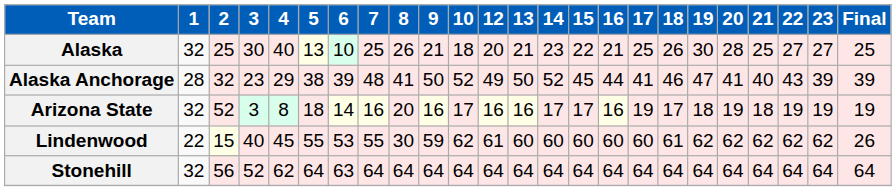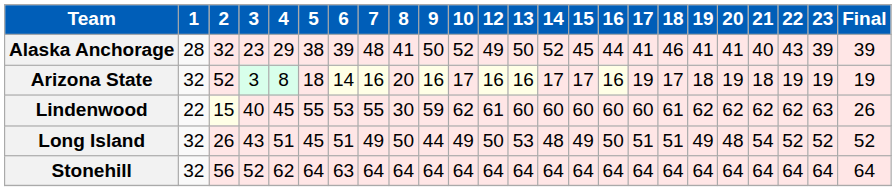 <table class="wikitable sortable" style="text-align: center;">
 <tr>
 <th style="color:white; background:#005EB8">Team</th>
 <th style="color:white; background:#005EB8">1</th>
 <th style="color:white; background:#005EB8">2</th>
 <th style="color:white; background:#005EB8">3</th>
 <th style="color:white; background:#005EB8">4</th>
 <th style="color:white; background:#005EB8">5</th>
 <th style="color:white; background:#005EB8">6</th>
 <th style="color:white; background:#005EB8">7</th>
 <th style="color:white; background:#005EB8">8</th>
 <th style="color:white; background:#005EB8">9</th>
 <th style="color:white; background:#005EB8">10</th>
 <th style="color:white; background:#005EB8">12</th>
 <th style="color:white; background:#005EB8">13</th>
 <th style="color:white; background:#005EB8">14</th>
 <th style="color:white; background:#005EB8">15</th>
 <th style="color:white; background:#005EB8">16</th>
 <th style="color:white; background:#005EB8">17</th>
 <th style="color:white; background:#005EB8">18</th>
 <th style="color:white; background:#005EB8">19</th>
 <th style="color:white; background:#005EB8">20</th>
 <th style="color:white; background:#005EB8">21</th>
 <th style="color:white; background:#005EB8">22</th>
 <th style="color:white; background:#005EB8">23</th>
 <th style="color:white; background:#005EB8">Final</th>
 </tr>
 <tr>
-<th>Alaska</th>
-<td>32</td>
-<td bgcolor=FFE6E6>25</td>
-<td bgcolor=FFE6E6>30</td>
-<td bgcolor=FFE6E6>40</td>
-<td bgcolor=FFFFE6>13</td>
-<td bgcolor=D8FFEB>10</td>
-<td bgcolor=FFE6E6>25</td>
-<td bgcolor=FFE6E6>26</td>
-<td bgcolor=FFE6E6>21</td>
-<td bgcolor=FFE6E6>18</td>
-<td bgcolor=FFE6E6>20</td>
-<td bgcolor=FFE6E6>21</td>
-<td bgcolor=FFE6E6>23</td>
-<td bgcolor=FFE6E6>22</td>
-<td bgcolor=FFE6E6>21</td>
-<td bgcolor=FFE6E6>25</td>
-<td bgcolor=FFE6E6>26</td>
-<td bgcolor=FFE6E6>30</td>
-<td bgcolor=FFE6E6>28</td>
-<td bgcolor=FFE6E6>25</td>
-<td bgcolor=FFE6E6>27</td>
-<td bgcolor=FFE6E6>27</td>
-<td bgcolor=FFE6E6>25</td>
-</tr>
-<tr>
 <th>Alaska Anchorage</th>
 <td>28</td>
 <td bgcolor=FFE6E6>32</td>
 <td bgcolor=FFE6E6>23</td>
 <td bgcolor=FFE6E6>29</td>
 <td bgcolor=FFE6E6>38</td>
 <td bgcolor=FFE6E6>39</td>
 <td bgcolor=FFE6E6>48</td>
 <td bgcolor=FFE6E6>41</td>
 <td bgcolor=FFE6E6>50</td>
 <td bgcolor=FFE6E6>52</td>
 <td bgcolor=FFE6E6>49</td>
 <td bgcolor=FFE6E6>50</td>
 <td bgcolor=FFE6E6>52</td>
 <td bgcolor=FFE6E6>45</td>
 <td bgcolor=FFE6E6>44</td>
 <td bgcolor=FFE6E6>41</td>
 <td bgcolor=FFE6E6>46</td>
-<td bgcolor=FFE6E6>47</td>
+<td bgcolor=FFE6E6>41</td>
 <td bgcolor=FFE6E6>41</td>
 <td bgcolor=FFE6E6>40</td>
 <td bgcolor=FFE6E6>43</td>
 <td bgcolor=FFE6E6>39</td>
 <td bgcolor=FFE6E6>39</td>
 </tr>
 <tr>
 <th>Arizona State</th>
 <td>32</td>
 <td bgcolor=FFE6E6>52</td>
 <td bgcolor=D8FFEB>3</td>
 <td bgcolor=D8FFEB>8</td>
 <td bgcolor=FFE6E6>18</td>
 <td bgcolor=FFFFE6>14</td>
 <td bgcolor=FFFFE6>16</td>
 <td bgcolor=FFE6E6>20</td>
 <td bgcolor=FFFFE6>16</td>
 <td bgcolor=FFE6E6>17</td>
 <td bgcolor=FFFFE6>16</td>
 <td bgcolor=FFFFE6>16</td>
 <td bgcolor=FFE6E6>17</td>
 <td bgcolor=FFE6E6>17</td>
 <td bgcolor=FFFFE6>16</td>
 <td bgcolor=FFE6E6>19</td>
 <td bgcolor=FFE6E6>17</td>
 <td bgcolor=FFE6E6>18</td>
 <td bgcolor=FFE6E6>19</td>
 <td bgcolor=FFE6E6>18</td>
 <td bgcolor=FFE6E6>19</td>
 <td bgcolor=FFE6E6>19</td>
 <td bgcolor=FFE6E6>19</td>
 </tr>
 <tr>
 <th>Lindenwood</th>
 <td>22</td>
 <td bgcolor=FFFFE6>15</td>
 <td bgcolor=FFE6E6>40</td>
 <td bgcolor=FFE6E6>45</td>
 <td bgcolor=FFE6E6>55</td>
 <td bgcolor=FFE6E6>53</td>
 <td bgcolor=FFE6E6>55</td>
 <td bgcolor=FFE6E6>30</td>
 <td bgcolor=FFE6E6>59</td>
 <td bgcolor=FFE6E6>62</td>
 <td bgcolor=FFE6E6>61</td>
 <td bgcolor=FFE6E6>60</td>
 <td bgcolor=FFE6E6>60</td>
 <td bgcolor=FFE6E6>60</td>
 <td bgcolor=FFE6E6>60</td>
 <td bgcolor=FFE6E6>60</td>
 <td bgcolor=FFE6E6>61</td>
 <td bgcolor=FFE6E6>62</td>
 <td bgcolor=FFE6E6>62</td>
 <td bgcolor=FFE6E6>62</td>
 <td bgcolor=FFE6E6>62</td>
-<td bgcolor=FFE6E6>62</td>
+<td bgcolor=FFE6E6>63</td>
 <td bgcolor=FFE6E6>26</td>
+</tr>
+<tr>
+<th>Long Island</th>
+<td>32</td>
+<td bgcolor=FFE6E6>26</td>
+<td bgcolor=FFE6E6>43</td>
+<td bgcolor=FFE6E6>51</td>
+<td bgcolor=FFE6E6>45</td>
+<td bgcolor=FFE6E6>51</td>
+<td bgcolor=FFE6E6>49</td>
+<td bgcolor=FFE6E6>50</td>
+<td bgcolor=FFE6E6>44</td>
+<td bgcolor=FFE6E6>49</td>
+<td bgcolor=FFE6E6>50</td>
+<td bgcolor=FFE6E6>53</td>
+<td bgcolor=FFE6E6>48</td>
+<td bgcolor=FFE6E6>49</td>
+<td bgcolor=FFE6E6>50</td>
+<td bgcolor=FFE6E6>51</td>
+<td bgcolor=FFE6E6>51</td>
+<td bgcolor=FFE6E6>49</td>
+<td bgcolor=FFE6E6>48</td>
+<td bgcolor=FFE6E6>54</td>
+<td bgcolor=FFE6E6>52</td>
+<td bgcolor=FFE6E6>52</td>
+<td bgcolor=FFE6E6>52</td>
 </tr>
 <tr>
 <th>Stonehill</th>
 <td>32</td>
 <td bgcolor=FFE6E6>56</td>
 <td bgcolor=FFE6E6>52</td>
 <td bgcolor=FFE6E6>62</td>
 <td bgcolor=FFE6E6>64</td>
 <td bgcolor=FFE6E6>63</td>
 <td bgcolor=FFE6E6>64</td>
 <td bgcolor=FFE6E6>64</td>
 <td bgcolor=FFE6E6>64</td>
 <td bgcolor=FFE6E6>64</td>
 <td bgcolor=FFE6E6>64</td>
 <td bgcolor=FFE6E6>64</td>
 <td bgcolor=FFE6E6>64</td>
 <td bgcolor=FFE6E6>64</td>
 <td bgcolor=FFE6E6>64</td>
 <td bgcolor=FFE6E6>64</td>
 <td bgcolor=FFE6E6>64</td>
 <td bgcolor=FFE6E6>64</td>
 <td bgcolor=FFE6E6>64</td>
 <td bgcolor=FFE6E6>64</td>
 <td bgcolor=FFE6E6>64</td>
 <td bgcolor=FFE6E6>64</td>
 <td bgcolor=FFE6E6>64</td>
 </tr>
 <tr>
 </tr>
 </table>
